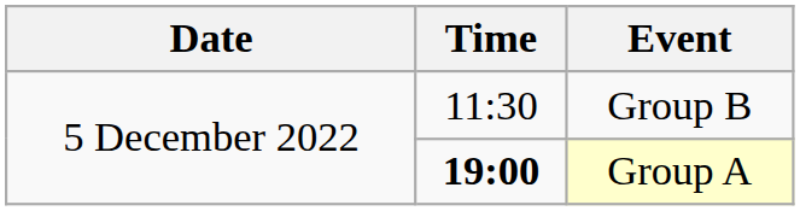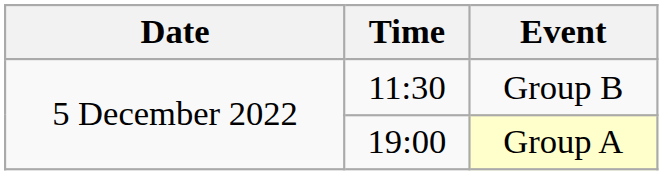 <table class = "wikitable" style="text-align:center;">
 <tr>
 <th width=150>Date</th>
 <th width=50>Time</th>
 <th width=80>Event</th>
 </tr>
 <tr>
 <td rowspan=2>5 December 2022</td>
 <td>11:30</td>
 <td>Group B</td>
 </tr>
 <tr>
-<td><strong>19:00</strong></td>
+<td>19:00</td>
 <td bgcolor=ffffcc>Group A</td>
 </tr>
 </table>
